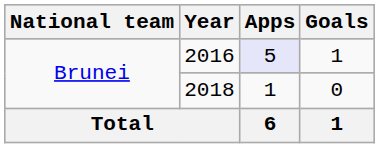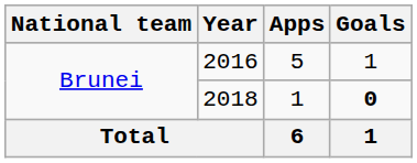 <table class="wikitable" style="text-align:center">
 <tr>
 <th>National team</th>
 <th>Year</th>
 <th>Apps</th>
 <th>Goals</th>
 </tr>
 <tr>
 <td rowspan="2"><a href='#'>Brunei</a></td>
 <td>2016</td>
-<td style="background: lavender;">5</td>
+<td>5</td>
 <td>1</td>
 </tr>
 <tr>
 <td>2018</td>
 <td>1</td>
-<td>0</td>
+<td><strong>0</strong></td>
 </tr>
 <tr>
 <th colspan="2">Total</th>
 <th>6</th>
 <th>1</th>
 </tr>
 </table>
